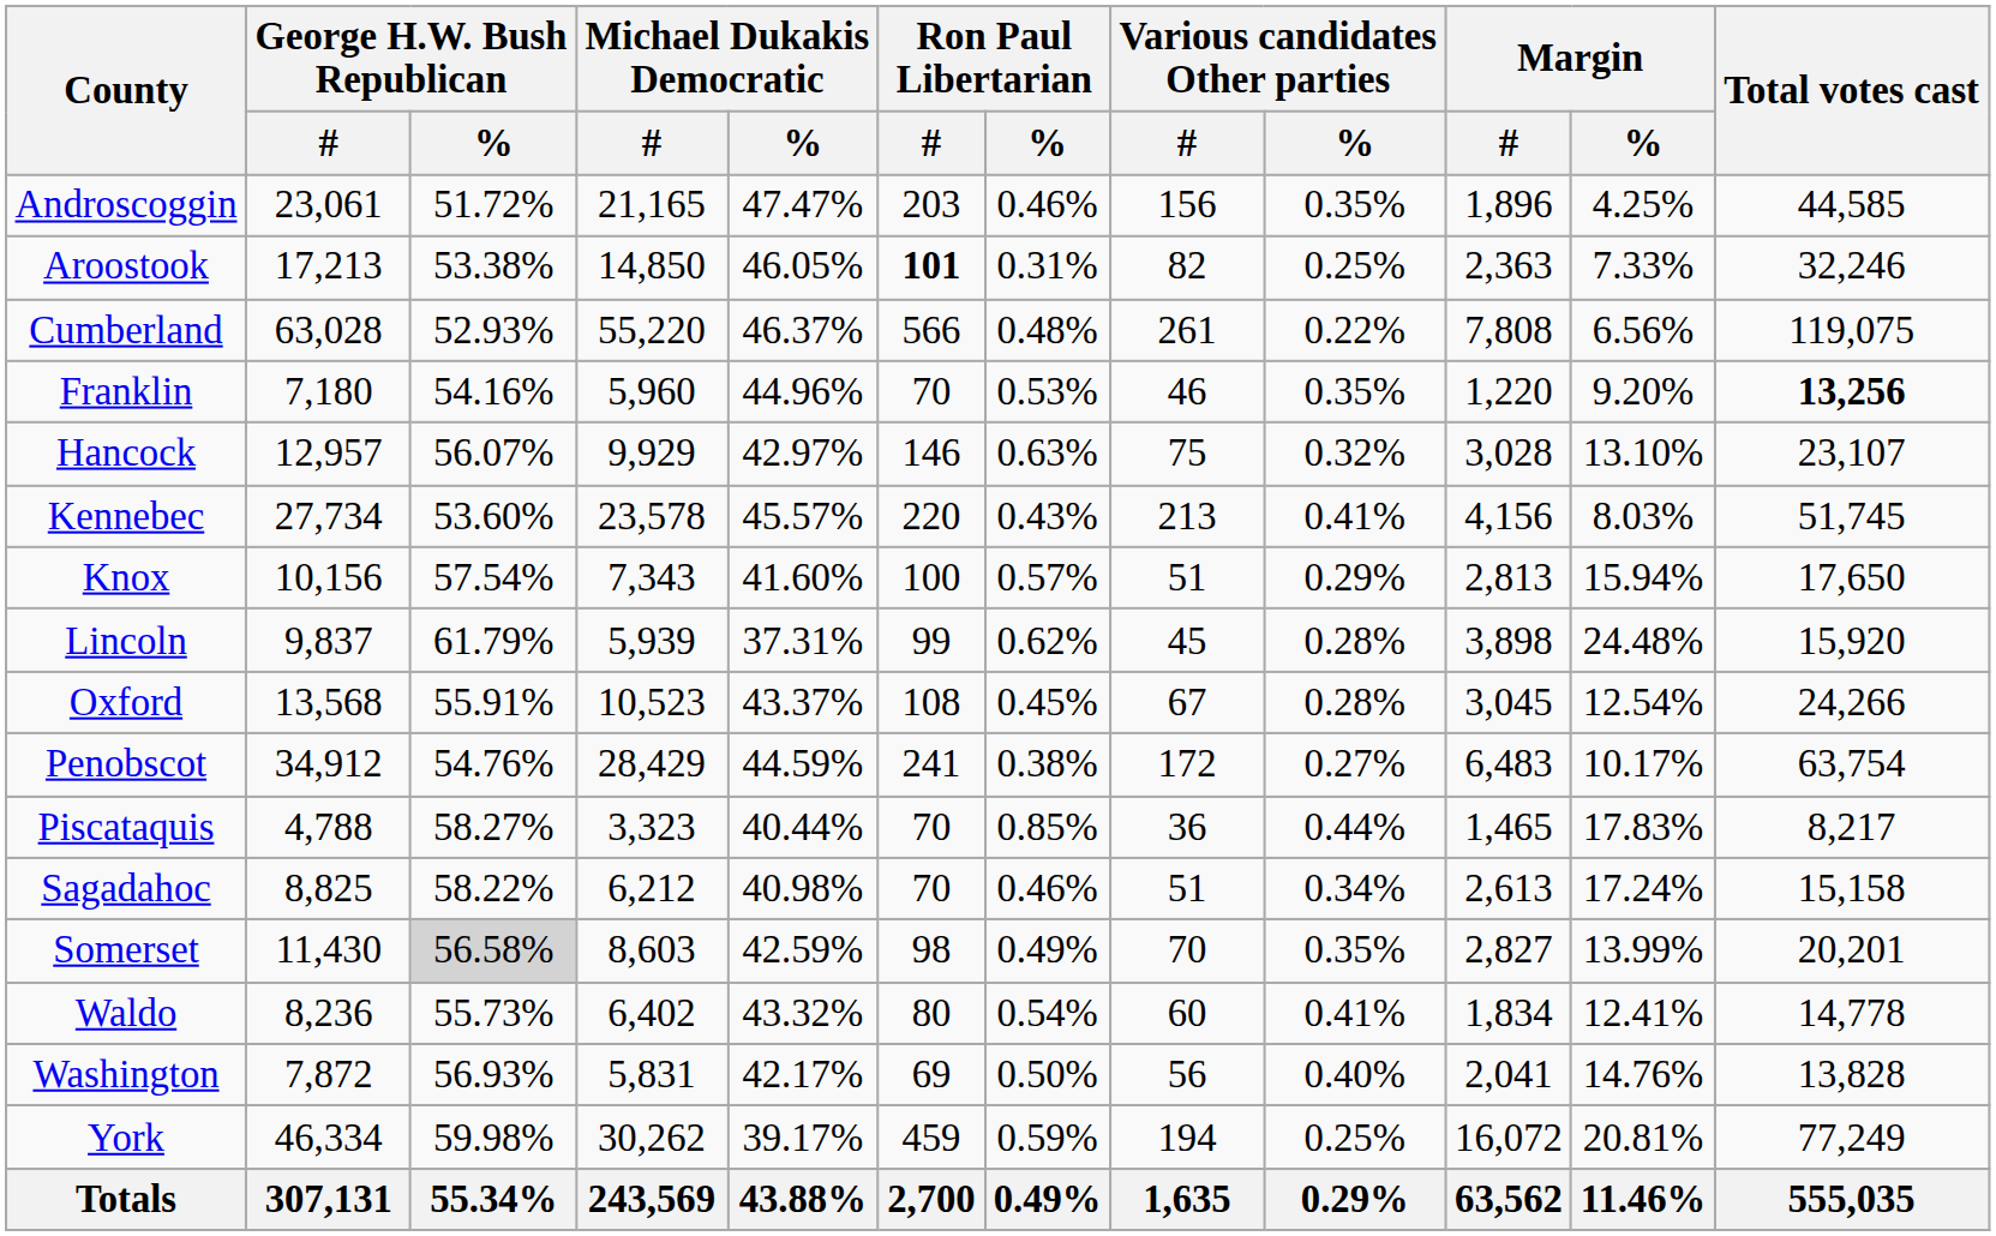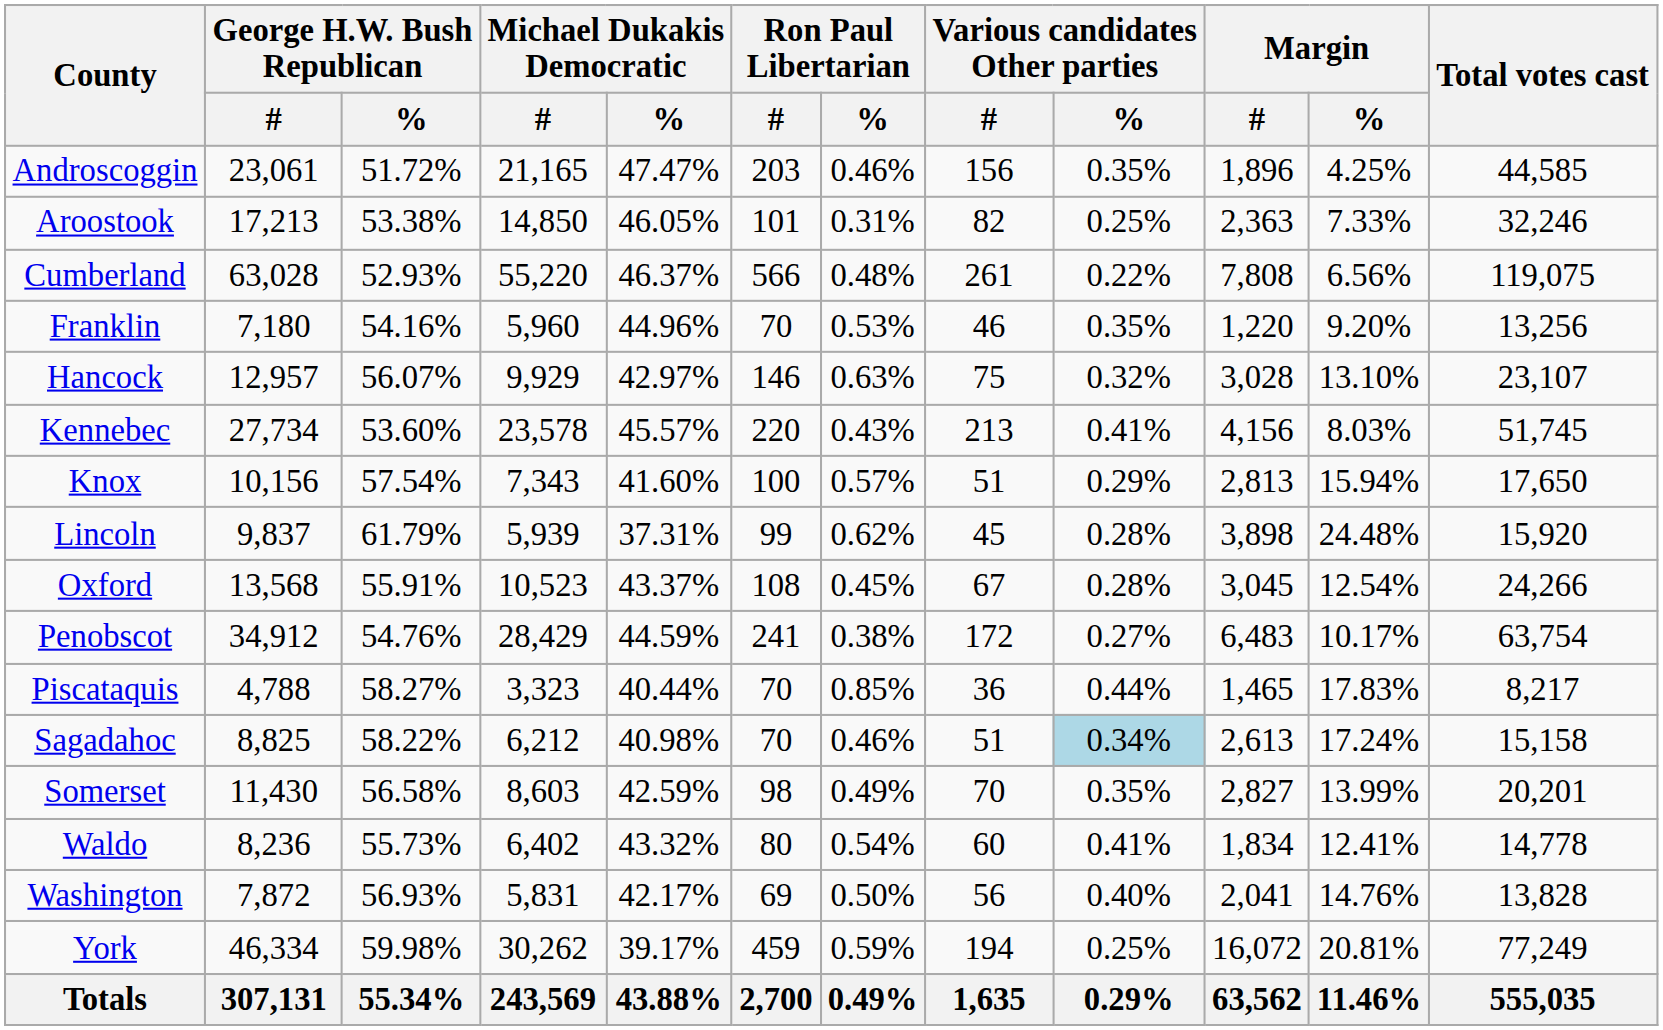 <table class="wikitable sortable">
 <tr>
 <th rowspan="2" style="text-align:center;">County</th>
 <th colspan="2" style="text-align:center;">George H.W. Bush<br>Republican</th>
 <th colspan="2" style="text-align:center;">Michael Dukakis<br>Democratic</th>
 <th colspan="2" style="text-align:center;">Ron Paul<br>Libertarian</th>
 <th colspan="2" style="text-align:center;">Various candidates<br>Other parties</th>
 <th colspan="2" style="text-align:center;">Margin</th>
 <th rowspan="2" style="text-align:center;">Total votes cast</th>
 </tr>
 <tr>
 <th data-sort-type="number">#</th>
 <th data-sort-type="number">%</th>
 <th data-sort-type="number">#</th>
 <th data-sort-type="number">%</th>
 <th data-sort-type="number">#</th>
 <th data-sort-type="number">%</th>
 <th data-sort-type="number">#</th>
 <th data-sort-type="number">%</th>
 <th data-sort-type="number">#</th>
 <th data-sort-type="number">%</th>
 </tr>
 <tr style="text-align:center;">
 <td><a href='#'>Androscoggin</a></td>
 <td>23,061</td>
 <td>51.72%</td>
 <td>21,165</td>
 <td>47.47%</td>
 <td>203</td>
 <td>0.46%</td>
 <td>156</td>
 <td>0.35%</td>
 <td>1,896</td>
 <td>4.25%</td>
 <td>44,585</td>
 </tr>
 <tr style="text-align:center;">
 <td><a href='#'>Aroostook</a></td>
 <td>17,213</td>
 <td>53.38%</td>
 <td>14,850</td>
 <td>46.05%</td>
-<td><strong>101</strong></td>
+<td>101</td>
 <td>0.31%</td>
 <td>82</td>
 <td>0.25%</td>
 <td>2,363</td>
 <td>7.33%</td>
 <td>32,246</td>
 </tr>
 <tr style="text-align:center;">
 <td><a href='#'>Cumberland</a></td>
 <td>63,028</td>
 <td>52.93%</td>
 <td>55,220</td>
 <td>46.37%</td>
 <td>566</td>
 <td>0.48%</td>
 <td>261</td>
 <td>0.22%</td>
 <td>7,808</td>
 <td>6.56%</td>
 <td>119,075</td>
 </tr>
 <tr style="text-align:center;">
 <td><a href='#'>Franklin</a></td>
 <td>7,180</td>
 <td>54.16%</td>
 <td>5,960</td>
 <td>44.96%</td>
 <td>70</td>
 <td>0.53%</td>
 <td>46</td>
 <td>0.35%</td>
 <td>1,220</td>
 <td>9.20%</td>
-<td><strong>13,256</strong></td>
+<td>13,256</td>
 </tr>
 <tr style="text-align:center;">
 <td><a href='#'>Hancock</a></td>
 <td>12,957</td>
 <td>56.07%</td>
 <td>9,929</td>
 <td>42.97%</td>
 <td>146</td>
 <td>0.63%</td>
 <td>75</td>
 <td>0.32%</td>
 <td>3,028</td>
 <td>13.10%</td>
 <td>23,107</td>
 </tr>
 <tr style="text-align:center;">
 <td><a href='#'>Kennebec</a></td>
 <td>27,734</td>
 <td>53.60%</td>
 <td>23,578</td>
 <td>45.57%</td>
 <td>220</td>
 <td>0.43%</td>
 <td>213</td>
 <td>0.41%</td>
 <td>4,156</td>
 <td>8.03%</td>
 <td>51,745</td>
 </tr>
 <tr style="text-align:center;">
 <td><a href='#'>Knox</a></td>
 <td>10,156</td>
 <td>57.54%</td>
 <td>7,343</td>
 <td>41.60%</td>
 <td>100</td>
 <td>0.57%</td>
 <td>51</td>
 <td>0.29%</td>
 <td>2,813</td>
 <td>15.94%</td>
 <td>17,650</td>
 </tr>
 <tr style="text-align:center;">
 <td><a href='#'>Lincoln</a></td>
 <td>9,837</td>
 <td>61.79%</td>
 <td>5,939</td>
 <td>37.31%</td>
 <td>99</td>
 <td>0.62%</td>
 <td>45</td>
 <td>0.28%</td>
 <td>3,898</td>
 <td>24.48%</td>
 <td>15,920</td>
 </tr>
 <tr style="text-align:center;">
 <td><a href='#'>Oxford</a></td>
 <td>13,568</td>
 <td>55.91%</td>
 <td>10,523</td>
 <td>43.37%</td>
 <td>108</td>
 <td>0.45%</td>
 <td>67</td>
 <td>0.28%</td>
 <td>3,045</td>
 <td>12.54%</td>
 <td>24,266</td>
 </tr>
 <tr style="text-align:center;">
 <td><a href='#'>Penobscot</a></td>
 <td>34,912</td>
 <td>54.76%</td>
 <td>28,429</td>
 <td>44.59%</td>
 <td>241</td>
 <td>0.38%</td>
 <td>172</td>
 <td>0.27%</td>
 <td>6,483</td>
 <td>10.17%</td>
 <td>63,754</td>
 </tr>
 <tr style="text-align:center;">
 <td><a href='#'>Piscataquis</a></td>
 <td>4,788</td>
 <td>58.27%</td>
 <td>3,323</td>
 <td>40.44%</td>
 <td>70</td>
 <td>0.85%</td>
 <td>36</td>
 <td>0.44%</td>
 <td>1,465</td>
 <td>17.83%</td>
 <td>8,217</td>
 </tr>
 <tr style="text-align:center;">
 <td><a href='#'>Sagadahoc</a></td>
 <td>8,825</td>
 <td>58.22%</td>
 <td>6,212</td>
 <td>40.98%</td>
 <td>70</td>
 <td>0.46%</td>
 <td>51</td>
-<td>0.34%</td>
+<td style="background: lightblue;">0.34%</td>
 <td>2,613</td>
 <td>17.24%</td>
 <td>15,158</td>
 </tr>
 <tr style="text-align:center;">
 <td><a href='#'>Somerset</a></td>
 <td>11,430</td>
-<td style="background: lightgrey;">56.58%</td>
+<td>56.58%</td>
 <td>8,603</td>
 <td>42.59%</td>
 <td>98</td>
 <td>0.49%</td>
 <td>70</td>
 <td>0.35%</td>
 <td>2,827</td>
 <td>13.99%</td>
 <td>20,201</td>
 </tr>
 <tr style="text-align:center;">
 <td><a href='#'>Waldo</a></td>
 <td>8,236</td>
 <td>55.73%</td>
 <td>6,402</td>
 <td>43.32%</td>
 <td>80</td>
 <td>0.54%</td>
 <td>60</td>
 <td>0.41%</td>
 <td>1,834</td>
 <td>12.41%</td>
 <td>14,778</td>
 </tr>
 <tr style="text-align:center;">
 <td><a href='#'>Washington</a></td>
 <td>7,872</td>
 <td>56.93%</td>
 <td>5,831</td>
 <td>42.17%</td>
 <td>69</td>
 <td>0.50%</td>
 <td>56</td>
 <td>0.40%</td>
 <td>2,041</td>
 <td>14.76%</td>
 <td>13,828</td>
 </tr>
 <tr style="text-align:center;">
 <td><a href='#'>York</a></td>
 <td>46,334</td>
 <td>59.98%</td>
 <td>30,262</td>
 <td>39.17%</td>
 <td>459</td>
 <td>0.59%</td>
 <td>194</td>
 <td>0.25%</td>
 <td>16,072</td>
 <td>20.81%</td>
 <td>77,249</td>
 </tr>
 <tr style="text-align:center;">
 <th>Totals</th>
 <th>307,131</th>
 <th>55.34%</th>
 <th>243,569</th>
 <th>43.88%</th>
 <th>2,700</th>
 <th>0.49%</th>
 <th>1,635</th>
 <th>0.29%</th>
 <th>63,562</th>
 <th>11.46%</th>
 <th>555,035</th>
 </tr>
 </table>
